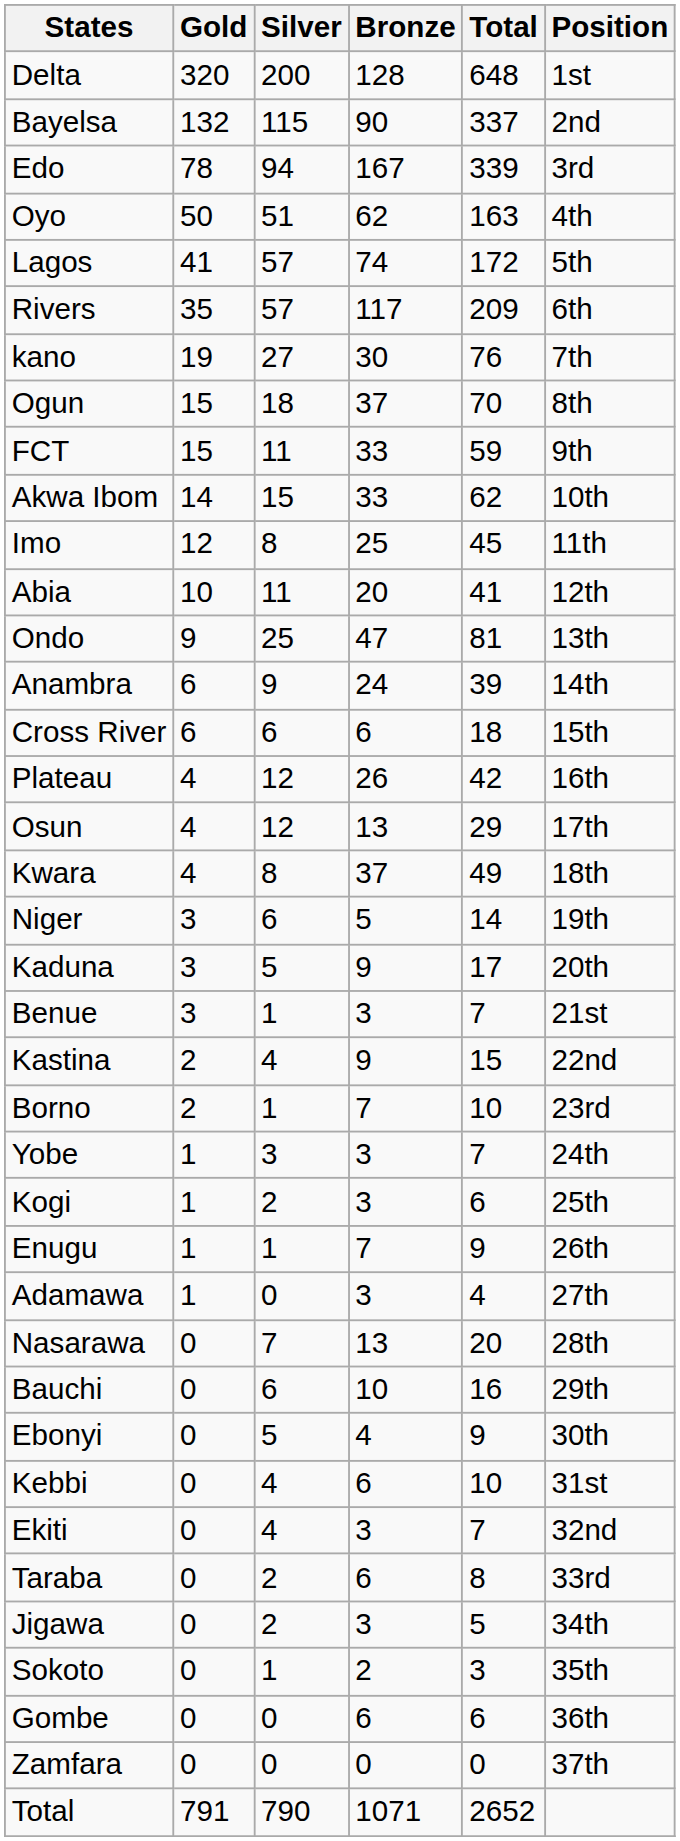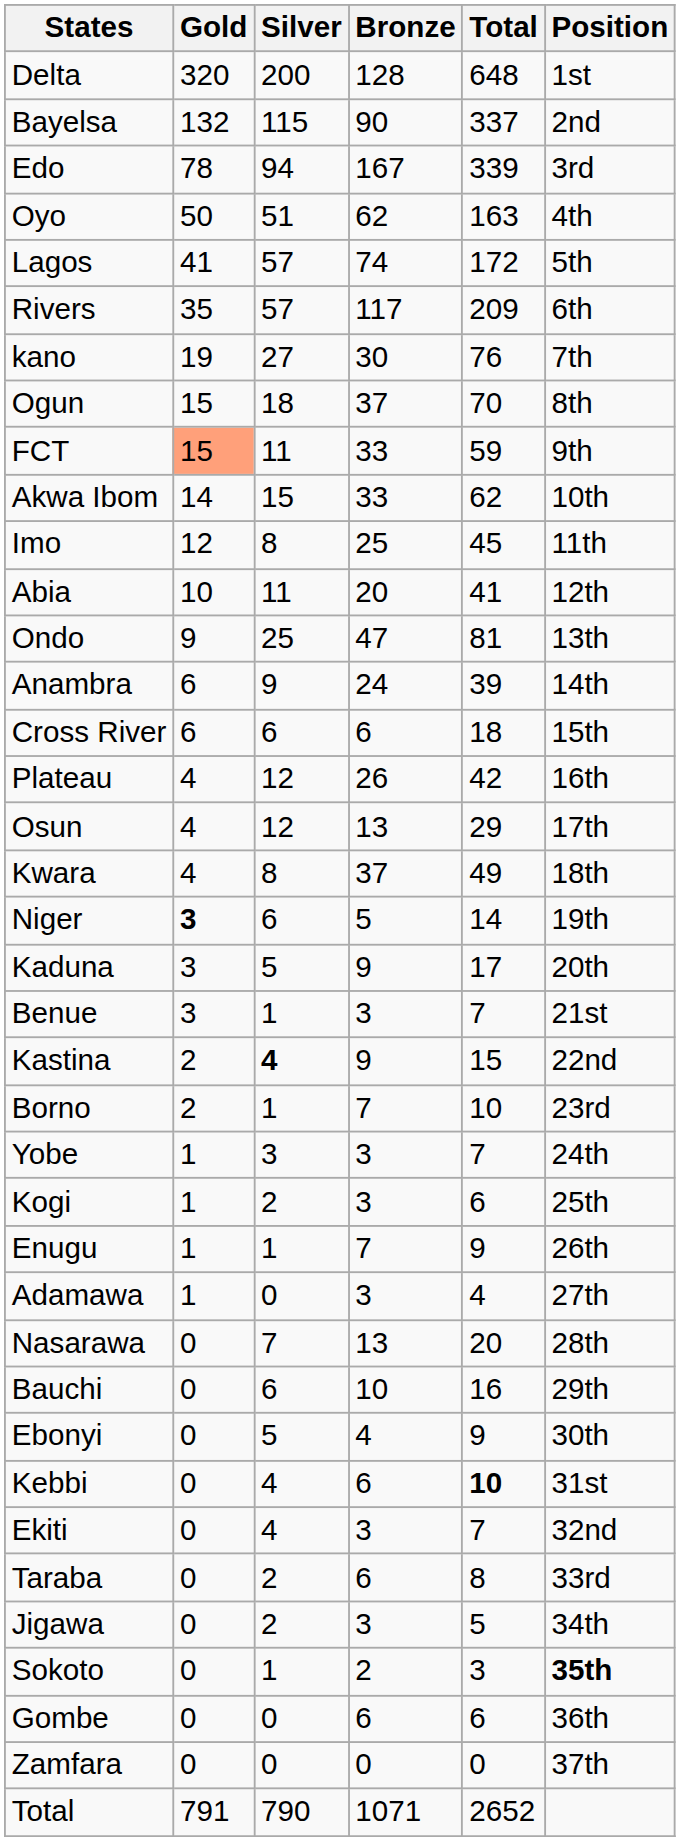 <table class="wikitable">
 <tr>
 <th>States</th>
 <th>Gold</th>
 <th>Silver</th>
 <th>Bronze</th>
 <th>Total</th>
 <th>Position</th>
 </tr>
 <tr>
 <td>Delta</td>
 <td>320</td>
 <td>200</td>
 <td>128</td>
 <td>648</td>
 <td>1st</td>
 </tr>
 <tr>
 <td>Bayelsa</td>
 <td>132</td>
 <td>115</td>
 <td>90</td>
 <td>337</td>
 <td>2nd</td>
 </tr>
 <tr>
 <td>Edo</td>
 <td>78</td>
 <td>94</td>
 <td>167</td>
 <td>339</td>
 <td>3rd</td>
 </tr>
 <tr>
 <td>Oyo</td>
 <td>50</td>
 <td>51</td>
 <td>62</td>
 <td>163</td>
 <td>4th</td>
 </tr>
 <tr>
 <td>Lagos</td>
 <td>41</td>
 <td>57</td>
 <td>74</td>
 <td>172</td>
 <td>5th</td>
 </tr>
 <tr>
 <td>Rivers</td>
 <td>35</td>
 <td>57</td>
 <td>117</td>
 <td>209</td>
 <td>6th</td>
 </tr>
 <tr>
 <td>kano</td>
 <td>19</td>
 <td>27</td>
 <td>30</td>
 <td>76</td>
 <td>7th</td>
 </tr>
 <tr>
 <td>Ogun</td>
 <td>15</td>
 <td>18</td>
 <td>37</td>
 <td>70</td>
 <td>8th</td>
 </tr>
 <tr>
 <td>FCT</td>
-<td>15</td>
+<td style="background: lightsalmon;">15</td>
 <td>11</td>
 <td>33</td>
 <td>59</td>
 <td>9th</td>
 </tr>
 <tr>
 <td>Akwa Ibom</td>
 <td>14</td>
 <td>15</td>
 <td>33</td>
 <td>62</td>
 <td>10th</td>
 </tr>
 <tr>
 <td>Imo</td>
 <td>12</td>
 <td>8</td>
 <td>25</td>
 <td>45</td>
 <td>11th</td>
 </tr>
 <tr>
 <td>Abia</td>
 <td>10</td>
 <td>11</td>
 <td>20</td>
 <td>41</td>
 <td>12th</td>
 </tr>
 <tr>
 <td>Ondo</td>
 <td>9</td>
 <td>25</td>
 <td>47</td>
 <td>81</td>
 <td>13th</td>
 </tr>
 <tr>
 <td>Anambra</td>
 <td>6</td>
 <td>9</td>
 <td>24</td>
 <td>39</td>
 <td>14th</td>
 </tr>
 <tr>
 <td>Cross River</td>
 <td>6</td>
 <td>6</td>
 <td>6</td>
 <td>18</td>
 <td>15th</td>
 </tr>
 <tr>
 <td>Plateau</td>
 <td>4</td>
 <td>12</td>
 <td>26</td>
 <td>42</td>
 <td>16th</td>
 </tr>
 <tr>
 <td>Osun</td>
 <td>4</td>
 <td>12</td>
 <td>13</td>
 <td>29</td>
 <td>17th</td>
 </tr>
 <tr>
 <td>Kwara</td>
 <td>4</td>
 <td>8</td>
 <td>37</td>
 <td>49</td>
 <td>18th</td>
 </tr>
 <tr>
 <td>Niger</td>
-<td>3</td>
+<td><strong>3</strong></td>
 <td>6</td>
 <td>5</td>
 <td>14</td>
 <td>19th</td>
 </tr>
 <tr>
 <td>Kaduna</td>
 <td>3</td>
 <td>5</td>
 <td>9</td>
 <td>17</td>
 <td>20th</td>
 </tr>
 <tr>
 <td>Benue</td>
 <td>3</td>
 <td>1</td>
 <td>3</td>
 <td>7</td>
 <td>21st</td>
 </tr>
 <tr>
 <td>Kastina</td>
 <td>2</td>
-<td>4</td>
+<td><strong>4</strong></td>
 <td>9</td>
 <td>15</td>
 <td>22nd</td>
 </tr>
 <tr>
 <td>Borno</td>
 <td>2</td>
 <td>1</td>
 <td>7</td>
 <td>10</td>
 <td>23rd</td>
 </tr>
 <tr>
 <td>Yobe</td>
 <td>1</td>
 <td>3</td>
 <td>3</td>
 <td>7</td>
 <td>24th</td>
 </tr>
 <tr>
 <td>Kogi</td>
 <td>1</td>
 <td>2</td>
 <td>3</td>
 <td>6</td>
 <td>25th</td>
 </tr>
 <tr>
 <td>Enugu</td>
 <td>1</td>
 <td>1</td>
 <td>7</td>
 <td>9</td>
 <td>26th</td>
 </tr>
 <tr>
 <td>Adamawa</td>
 <td>1</td>
 <td>0</td>
 <td>3</td>
 <td>4</td>
 <td>27th</td>
 </tr>
 <tr>
 <td>Nasarawa</td>
 <td>0</td>
 <td>7</td>
 <td>13</td>
 <td>20</td>
 <td>28th</td>
 </tr>
 <tr>
 <td>Bauchi</td>
 <td>0</td>
 <td>6</td>
 <td>10</td>
 <td>16</td>
 <td>29th</td>
 </tr>
 <tr>
 <td>Ebonyi</td>
 <td>0</td>
 <td>5</td>
 <td>4</td>
 <td>9</td>
 <td>30th</td>
 </tr>
 <tr>
 <td>Kebbi</td>
 <td>0</td>
 <td>4</td>
 <td>6</td>
-<td>10</td>
+<td><strong>10</strong></td>
 <td>31st</td>
 </tr>
 <tr>
 <td>Ekiti</td>
 <td>0</td>
 <td>4</td>
 <td>3</td>
 <td>7</td>
 <td>32nd</td>
 </tr>
 <tr>
 <td>Taraba</td>
 <td>0</td>
 <td>2</td>
 <td>6</td>
 <td>8</td>
 <td>33rd</td>
 </tr>
 <tr>
 <td>Jigawa</td>
 <td>0</td>
 <td>2</td>
 <td>3</td>
 <td>5</td>
 <td>34th</td>
 </tr>
 <tr>
 <td>Sokoto</td>
 <td>0</td>
 <td>1</td>
 <td>2</td>
 <td>3</td>
-<td>35th</td>
+<td><strong>35th</strong></td>
 </tr>
 <tr>
 <td>Gombe</td>
 <td>0</td>
 <td>0</td>
 <td>6</td>
 <td>6</td>
 <td>36th</td>
 </tr>
 <tr>
 <td>Zamfara</td>
 <td>0</td>
 <td>0</td>
 <td>0</td>
 <td>0</td>
 <td>37th</td>
 </tr>
 <tr>
 <td>Total</td>
 <td>791</td>
 <td>790</td>
 <td>1071</td>
 <td>2652</td>
 <td></td>
 </tr>
 <tr>
 </tr>
 </table>
